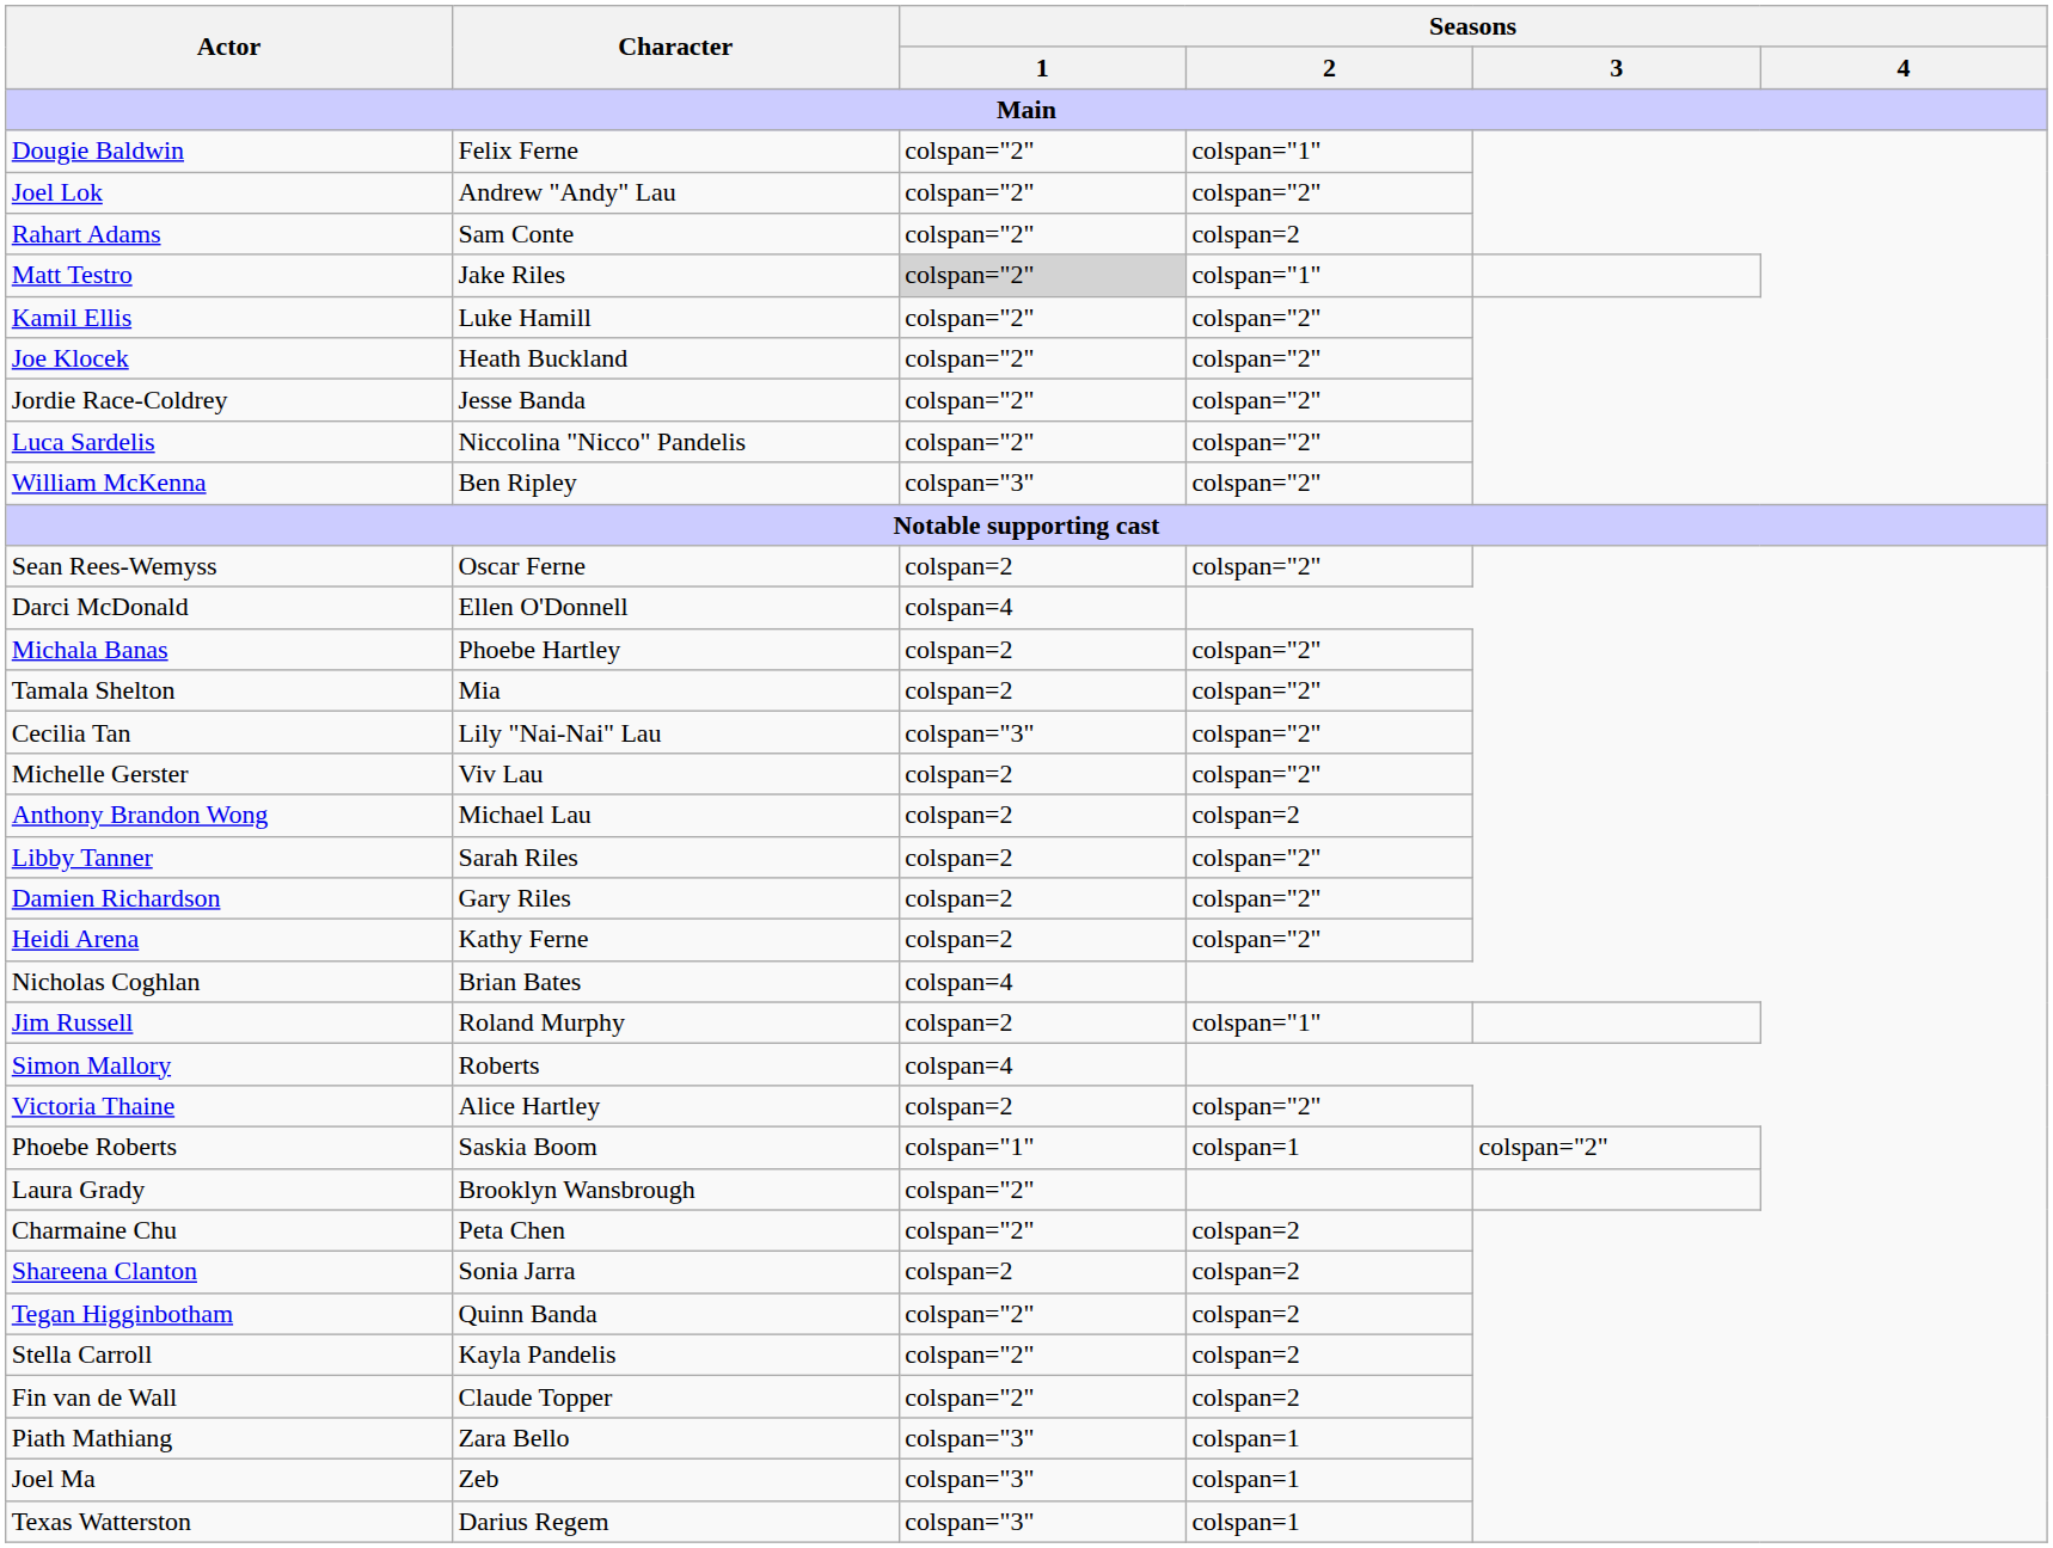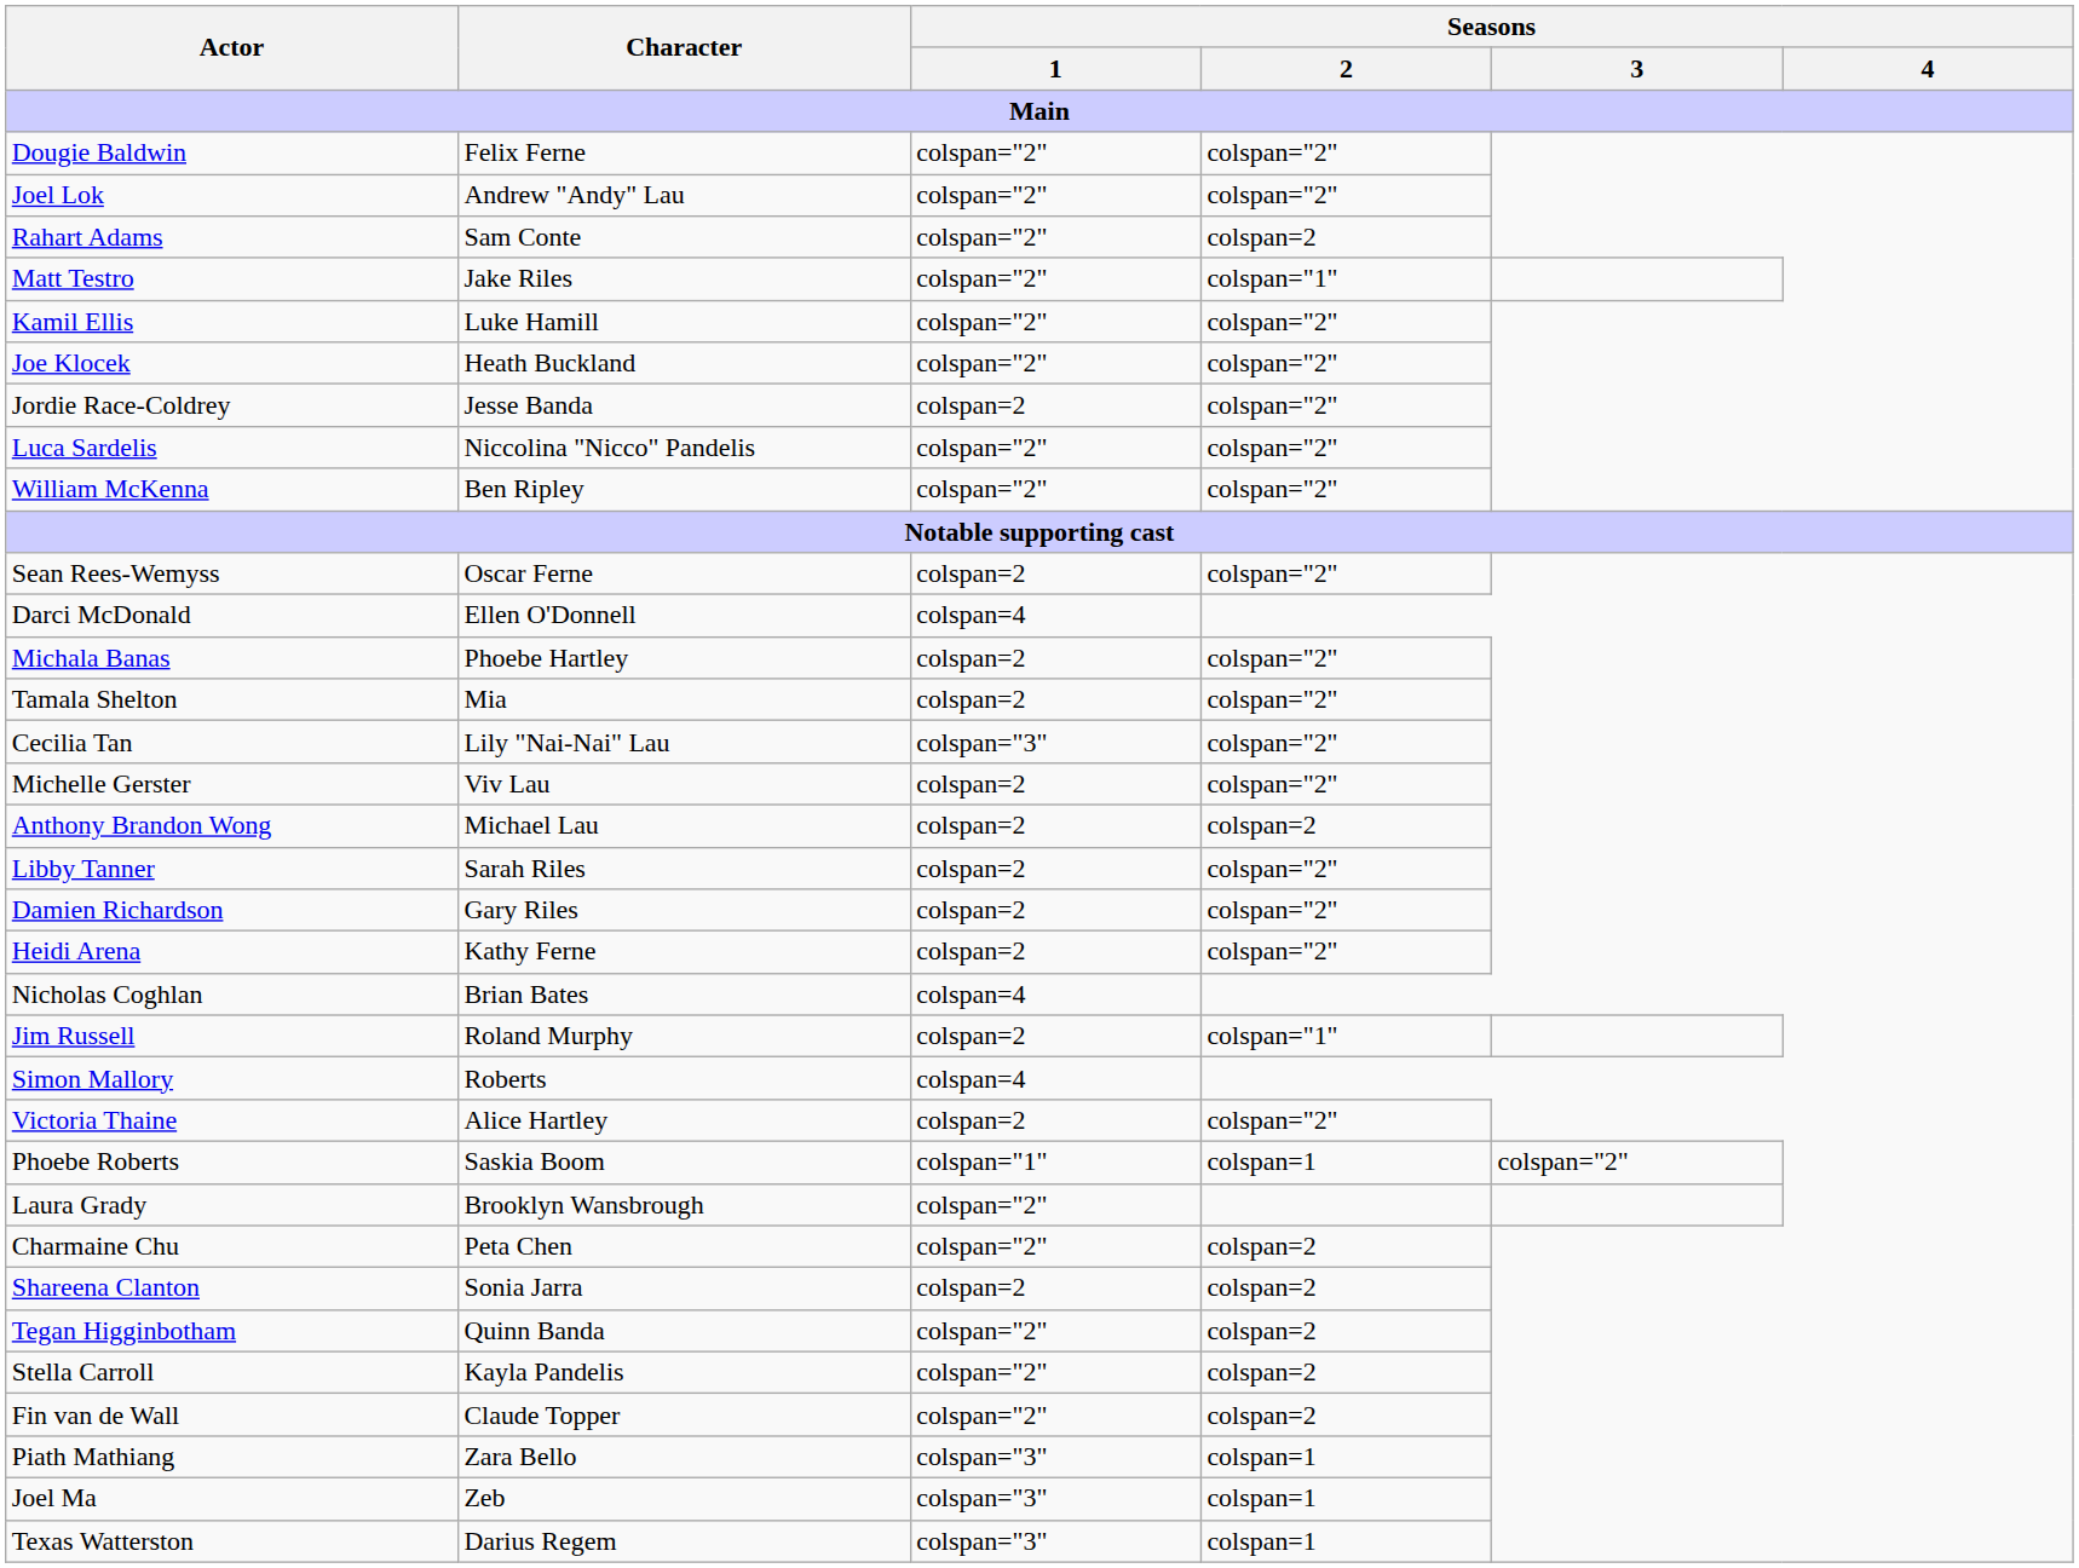 <table class="wikitable">
 <tr>
 <th rowspan="2" style="width:14%;">Actor</th>
 <th rowspan="2" style="width:14%;">Character</th>
 <th colspan="4">Seasons</th>
 </tr>
 <tr>
 <th style="width:9%;">1</th>
 <th style="width:9%;">2</th>
 <th style="width:9%;">3</th>
 <th style="width:9%;">4</th>
 </tr>
 <tr>
 <th scope="row" colspan="7" style="background-color:#ccccff;">Main</th>
 </tr>
 <tr>
 <td><a href='#'>Dougie Baldwin</a></td>
 <td>Felix Ferne</td>
 <td>colspan="2" </td>
-<td>colspan="1" </td>
+<td>colspan="2" </td>
 </tr>
 <tr>
 <td><a href='#'>Joel Lok</a></td>
 <td>Andrew "Andy" Lau</td>
 <td>colspan="2" </td>
 <td>colspan="2" </td>
 </tr>
 <tr>
 <td><a href='#'>Rahart Adams</a></td>
 <td>Sam Conte</td>
 <td>colspan="2" </td>
 <td>colspan=2 </td>
 </tr>
 <tr>
 <td><a href='#'>Matt Testro</a></td>
 <td>Jake Riles</td>
-<td style="background: lightgrey;">colspan="2" </td>
+<td>colspan="2" </td>
 <td>colspan="1" </td>
 <td></td>
 </tr>
 <tr>
 <td><a href='#'>Kamil Ellis</a></td>
 <td>Luke Hamill</td>
 <td>colspan="2" </td>
 <td>colspan="2" </td>
 </tr>
 <tr>
 <td><a href='#'>Joe Klocek</a></td>
 <td>Heath Buckland</td>
 <td>colspan="2" </td>
 <td>colspan="2" </td>
 </tr>
 <tr>
 <td>Jordie Race-Coldrey</td>
 <td>Jesse Banda</td>
-<td>colspan="2" </td>
+<td>colspan=2 </td>
 <td>colspan="2" </td>
 </tr>
 <tr>
 <td><a href='#'>Luca Sardelis</a></td>
 <td>Niccolina "Nicco" Pandelis</td>
 <td>colspan="2" </td>
 <td>colspan="2" </td>
 </tr>
 <tr>
 <td><a href='#'>William McKenna</a></td>
 <td>Ben Ripley</td>
-<td>colspan="3" </td>
+<td>colspan="2" </td>
 <td>colspan="2" </td>
 </tr>
 <tr>
 <th scope="row" colspan="8" style="background-color:#ccccff;">Notable supporting cast</th>
 </tr>
 <tr>
 <td>Sean Rees-Wemyss</td>
 <td>Oscar Ferne</td>
 <td>colspan=2 </td>
 <td>colspan="2" </td>
 </tr>
 <tr>
 <td>Darci McDonald</td>
 <td>Ellen O'Donnell</td>
 <td>colspan=4 </td>
 </tr>
 <tr>
 <td><a href='#'>Michala Banas</a></td>
 <td>Phoebe Hartley</td>
 <td>colspan=2 </td>
 <td>colspan="2" </td>
 </tr>
 <tr>
 <td>Tamala Shelton</td>
 <td>Mia</td>
 <td>colspan=2 </td>
 <td>colspan="2" </td>
 </tr>
 <tr>
 <td>Cecilia Tan</td>
 <td>Lily "Nai-Nai" Lau</td>
 <td>colspan="3" </td>
 <td>colspan="2" </td>
 </tr>
 <tr>
 <td>Michelle Gerster</td>
 <td>Viv Lau</td>
 <td>colspan=2 </td>
 <td>colspan="2" </td>
 </tr>
 <tr>
 <td><a href='#'>Anthony Brandon Wong</a></td>
 <td>Michael Lau</td>
 <td>colspan=2 </td>
 <td>colspan=2 </td>
 </tr>
 <tr>
 <td><a href='#'>Libby Tanner</a></td>
 <td>Sarah Riles</td>
 <td>colspan=2 </td>
 <td>colspan="2" </td>
 </tr>
 <tr>
 <td><a href='#'>Damien Richardson</a></td>
 <td>Gary Riles</td>
 <td>colspan=2 </td>
 <td>colspan="2" </td>
 </tr>
 <tr>
 <td><a href='#'>Heidi Arena</a></td>
 <td>Kathy Ferne</td>
 <td>colspan=2 </td>
 <td>colspan="2" </td>
 </tr>
 <tr>
 <td>Nicholas Coghlan</td>
 <td>Brian Bates</td>
 <td>colspan=4 </td>
 </tr>
 <tr>
 <td><a href='#'>Jim Russell</a></td>
 <td>Roland Murphy</td>
 <td>colspan=2 </td>
 <td>colspan="1" </td>
 <td></td>
 </tr>
 <tr>
 <td><a href='#'>Simon Mallory</a></td>
 <td>Roberts</td>
 <td>colspan=4 </td>
 </tr>
 <tr>
 <td><a href='#'>Victoria Thaine</a></td>
 <td>Alice Hartley</td>
 <td>colspan=2 </td>
 <td>colspan="2" </td>
 </tr>
 <tr>
 <td>Phoebe Roberts</td>
 <td>Saskia Boom</td>
 <td>colspan="1" </td>
 <td>colspan=1 </td>
 <td>colspan="2" </td>
 </tr>
 <tr>
 <td>Laura Grady</td>
 <td>Brooklyn Wansbrough</td>
 <td>colspan="2" </td>
 <td></td>
 <td></td>
 </tr>
 <tr>
 <td>Charmaine Chu</td>
 <td>Peta Chen</td>
 <td>colspan="2" </td>
 <td>colspan=2 </td>
 </tr>
 <tr>
 <td><a href='#'>Shareena Clanton</a></td>
 <td>Sonia Jarra</td>
 <td>colspan=2 </td>
 <td>colspan=2 </td>
 </tr>
 <tr>
 <td><a href='#'>Tegan Higginbotham</a></td>
 <td>Quinn Banda</td>
 <td>colspan="2" </td>
 <td>colspan=2 </td>
 </tr>
 <tr>
 <td>Stella Carroll</td>
 <td>Kayla Pandelis</td>
 <td>colspan="2" </td>
 <td>colspan=2 </td>
 </tr>
 <tr>
 <td>Fin van de Wall</td>
 <td>Claude Topper</td>
 <td>colspan="2" </td>
 <td>colspan=2 </td>
 </tr>
 <tr>
 <td>Piath Mathiang</td>
 <td>Zara Bello</td>
 <td>colspan="3" </td>
 <td>colspan=1 </td>
 </tr>
 <tr>
 <td>Joel Ma</td>
 <td>Zeb</td>
 <td>colspan="3" </td>
 <td>colspan=1 </td>
 </tr>
 <tr>
 <td>Texas Watterston</td>
 <td>Darius Regem</td>
 <td>colspan="3" </td>
 <td>colspan=1 </td>
 </tr>
 </table>
